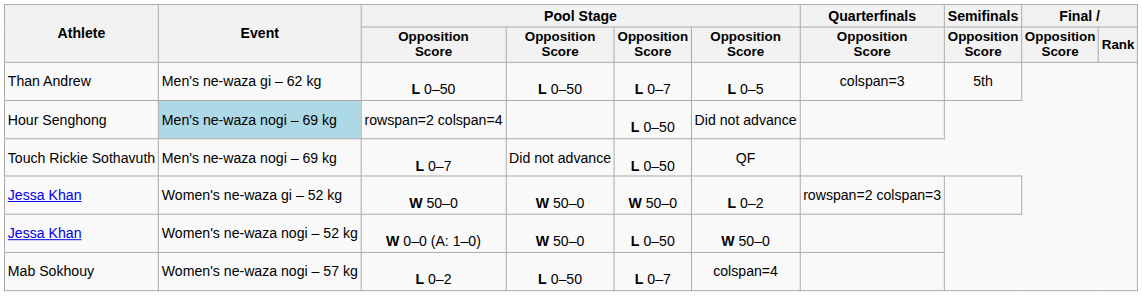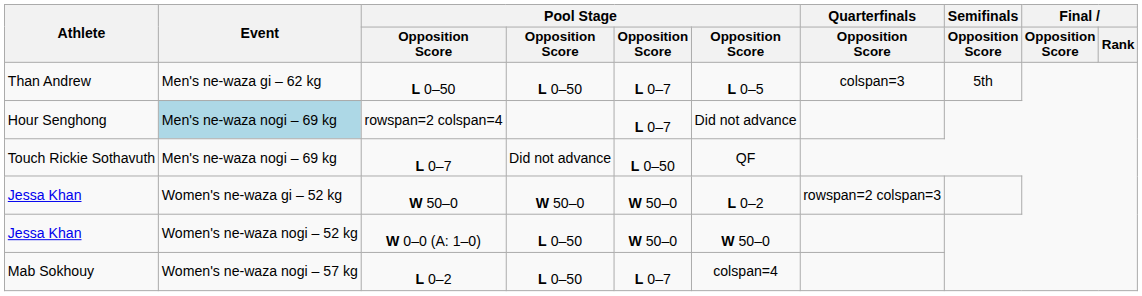 <table class="wikitable" style="font-size:90%">
 <tr>
 <th rowspan=2>Athlete</th>
 <th rowspan=2>Event</th>
 <th colspan=4>Pool Stage</th>
 <th>Quarterfinals</th>
 <th>Semifinals</th>
 <th colspan=2>Final / </th>
 </tr>
 <tr style="font-size:95%">
 <th>Opposition<br>Score</th>
 <th>Opposition<br>Score</th>
 <th>Opposition<br>Score</th>
 <th>Opposition<br>Score</th>
 <th>Opposition<br>Score</th>
 <th>Opposition<br>Score</th>
 <th>Opposition<br>Score</th>
 <th>Rank</th>
 </tr>
 <tr align=center>
 <td align=left>Than Andrew</td>
 <td align=left>Men's ne-waza gi – 62 kg</td>
 <td><br><strong>L</strong> 0–50</td>
 <td><br><strong>L</strong> 0–50</td>
 <td><br><strong>L</strong> 0–7</td>
 <td><br><strong>L</strong> 0–5</td>
 <td>colspan=3 </td>
 <td>5th</td>
 </tr>
 <tr align=center>
 <td align=left>Hour Senghong</td>
 <td align=left style="background: lightblue;">Men's ne-waza nogi – 69 kg</td>
 <td>rowspan=2 colspan=4 </td>
 <td></td>
-<td><br><strong>L</strong> 0–50</td>
+<td><br><strong>L</strong> 0–7</td>
 <td>Did not advance</td>
 <td></td>
 </tr>
 <tr align=center>
 <td align=left>Touch Rickie Sothavuth</td>
 <td align=left>Men's ne-waza nogi – 69 kg</td>
 <td><br><strong>L</strong> 0–7</td>
 <td>Did not advance</td>
 <td><br><strong>L</strong> 0–50</td>
 <td>QF</td>
 </tr>
 <tr align=center>
 <td align=left><a href='#'>Jessa Khan</a></td>
 <td align=left>Women's ne-waza gi – 52 kg</td>
 <td><br><strong>W</strong> 50–0</td>
 <td><br><strong>W</strong> 50–0</td>
 <td><br><strong>W</strong> 50–0</td>
 <td><br><strong>L</strong> 0–2</td>
 <td>rowspan=2 colspan=3 </td>
 <td></td>
 </tr>
 <tr align=center>
 <td align=left><a href='#'>Jessa Khan</a></td>
 <td align=left>Women's ne-waza nogi – 52 kg</td>
 <td><br><strong>W</strong> 0–0 (A: 1–0)</td>
+<td><br><strong>L</strong> 0–50</td>
 <td><br><strong>W</strong> 50–0</td>
-<td><br><strong>L</strong> 0–50</td>
 <td><br><strong>W</strong> 50–0</td>
 <td></td>
 </tr>
 <tr align=center>
 <td align=left>Mab Sokhouy</td>
 <td align=left>Women's ne-waza nogi – 57 kg</td>
 <td><br><strong>L</strong> 0–2</td>
 <td><br><strong>L</strong> 0–50</td>
 <td><br><strong>L</strong> 0–7</td>
 <td>colspan=4 </td>
 <td></td>
 </tr>
 </table>
